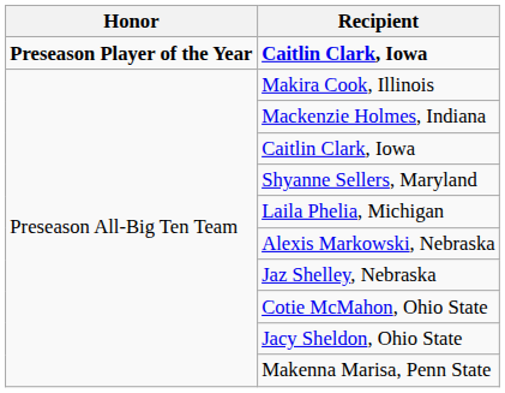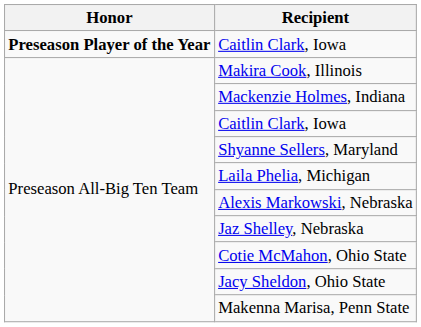 <table class="wikitable" border="1">
 <tr>
 <th>Honor</th>
 <th>Recipient</th>
 </tr>
 <tr>
 <td><strong>Preseason Player of the Year</strong></td>
-<td><strong><a href='#'>Caitlin Clark</a>, Iowa</strong></td>
+<td><a href='#'>Caitlin Clark</a>, Iowa</td>
 </tr>
 <tr>
 <td rowspan="10" valign="middle">Preseason All-Big Ten Team</td>
 <td><a href='#'>Makira Cook</a>, Illinois</td>
 </tr>
 <tr>
 <td><a href='#'>Mackenzie Holmes</a>, Indiana</td>
 </tr>
 <tr>
 <td><a href='#'>Caitlin Clark</a>, Iowa</td>
 </tr>
 <tr>
 <td><a href='#'>Shyanne Sellers</a>, Maryland</td>
 </tr>
 <tr>
 <td><a href='#'>Laila Phelia</a>, Michigan</td>
 </tr>
 <tr>
 <td><a href='#'>Alexis Markowski</a>, Nebraska</td>
 </tr>
 <tr>
 <td><a href='#'>Jaz Shelley</a>, Nebraska</td>
 </tr>
 <tr>
 <td><a href='#'>Cotie McMahon</a>, Ohio State</td>
 </tr>
 <tr>
 <td><a href='#'>Jacy Sheldon</a>, Ohio State</td>
 </tr>
 <tr>
 <td>Makenna Marisa, Penn State</td>
 </tr>
 </table>
